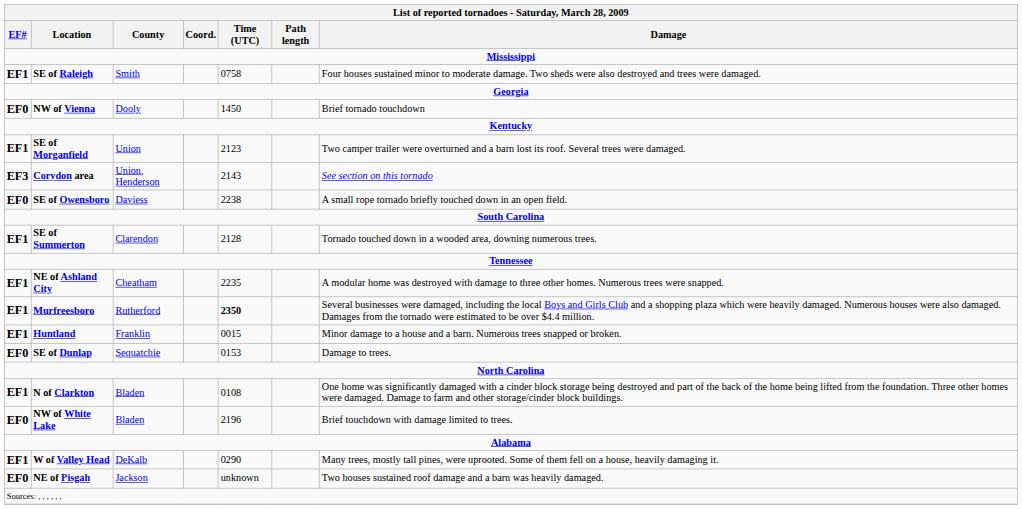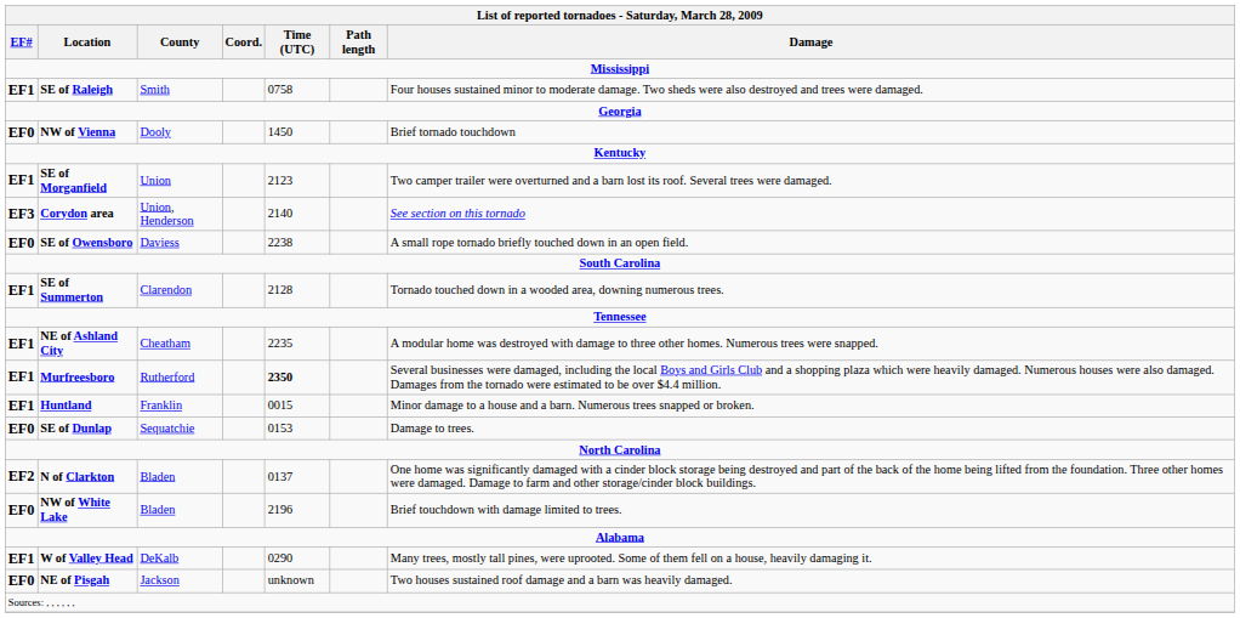 <table class="wikitable collapsible" width="100%">
 <tr>
 <th colspan="7">List of reported tornadoes - Saturday, March 28, 2009</th>
 </tr>
 <tr>
 <th><a href='#'>EF#</a></th>
 <th>Location</th>
 <th>County</th>
 <th>Coord.</th>
 <th>Time (UTC)</th>
 <th>Path length</th>
 <th>Damage</th>
 </tr>
 <tr>
 <td colspan="7" align=center><strong><a href='#'>Mississippi</a></strong></td>
 </tr>
 <tr>
 <td><big><strong>EF1</strong></big></td>
 <td><strong>SE of <a href='#'>Raleigh</a></strong></td>
 <td><a href='#'>Smith</a></td>
 <td></td>
 <td>0758</td>
 <td></td>
 <td>Four houses sustained minor to moderate damage. Two sheds were also destroyed and trees were damaged.</td>
 </tr>
 <tr>
 <td colspan="7" align=center><strong><a href='#'>Georgia</a></strong></td>
 </tr>
 <tr>
 <td><big><strong>EF0</strong></big></td>
 <td><strong>NW of <a href='#'>Vienna</a></strong></td>
 <td><a href='#'>Dooly</a></td>
 <td></td>
 <td>1450</td>
 <td></td>
 <td>Brief tornado touchdown</td>
 </tr>
 <tr>
 <td colspan="7" align=center><strong><a href='#'>Kentucky</a></strong></td>
 </tr>
 <tr>
 <td><big><strong>EF1</strong></big></td>
 <td><strong>SE of <a href='#'>Morganfield</a></strong></td>
 <td><a href='#'>Union</a></td>
 <td></td>
 <td>2123</td>
 <td></td>
 <td>Two camper trailer were overturned and a barn lost its roof. Several trees were damaged.</td>
 </tr>
 <tr>
 <td><big><strong>EF3</strong></big></td>
 <td><strong><a href='#'>Corydon</a> area</strong></td>
 <td><a href='#'>Union</a>, <a href='#'>Henderson</a></td>
 <td></td>
-<td>2143</td>
+<td>2140</td>
 <td></td>
 <td><em><a href='#'>See section on this tornado</a></em></td>
 </tr>
 <tr>
 <td><big><strong>EF0</strong></big></td>
 <td><strong>SE of <a href='#'>Owensboro</a></strong></td>
 <td><a href='#'>Daviess</a></td>
 <td></td>
 <td>2238</td>
 <td></td>
 <td>A small rope tornado briefly touched down in an open field.</td>
 </tr>
 <tr>
 <td colspan="7" align=center><strong><a href='#'>South Carolina</a></strong></td>
 </tr>
 <tr>
 <td><big><strong>EF1</strong></big></td>
 <td><strong>SE of <a href='#'>Summerton</a></strong></td>
 <td><a href='#'>Clarendon</a></td>
 <td></td>
 <td>2128</td>
 <td></td>
 <td>Tornado touched down in a wooded area, downing numerous trees.</td>
 </tr>
 <tr>
 <td colspan="7" align=center><strong><a href='#'>Tennessee</a></strong></td>
 </tr>
 <tr>
 <td><big><strong>EF1</strong></big></td>
 <td><strong>NE of <a href='#'>Ashland City</a></strong></td>
 <td><a href='#'>Cheatham</a></td>
 <td></td>
 <td>2235</td>
 <td></td>
 <td>A modular home was destroyed with damage to three other homes. Numerous trees were snapped.</td>
 </tr>
 <tr>
 <td><big><strong>EF1</strong></big></td>
 <td><strong><a href='#'>Murfreesboro</a></strong></td>
 <td><a href='#'>Rutherford</a></td>
 <td></td>
 <td><strong>2350</strong></td>
 <td></td>
 <td>Several businesses were damaged, including the local <a href='#'>Boys and Girls Club</a> and a shopping plaza which were heavily damaged. Numerous houses were also damaged. Damages from the tornado were estimated to be over $4.4 million.</td>
 </tr>
 <tr>
 <td><big><strong>EF1</strong></big></td>
 <td><strong><a href='#'>Huntland</a></strong></td>
 <td><a href='#'>Franklin</a></td>
 <td></td>
 <td>0015</td>
 <td></td>
 <td>Minor damage to a house and a barn. Numerous trees snapped or broken.</td>
 </tr>
 <tr>
 <td><big><strong>EF0</strong></big></td>
 <td><strong>SE of <a href='#'>Dunlap</a></strong></td>
 <td><a href='#'>Sequatchie</a></td>
 <td></td>
 <td>0153</td>
 <td></td>
 <td>Damage to trees.</td>
 </tr>
 <tr>
 <td colspan="7" align=center><strong><a href='#'>North Carolina</a></strong></td>
 </tr>
 <tr>
-<td><big><strong>EF1</strong></big></td>
+<td><big><strong>EF2</strong></big></td>
 <td><strong>N of <a href='#'>Clarkton</a></strong></td>
 <td><a href='#'>Bladen</a></td>
 <td></td>
-<td>0108</td>
+<td>0137</td>
 <td></td>
 <td>One home was significantly damaged with a cinder block storage being destroyed and part of the back of the home being lifted from the foundation. Three other homes were damaged. Damage to farm and other storage/cinder block buildings.</td>
 </tr>
 <tr>
 <td><big><strong>EF0</strong></big></td>
 <td><strong>NW of <a href='#'>White Lake</a></strong></td>
 <td><a href='#'>Bladen</a></td>
 <td></td>
 <td>2196</td>
 <td></td>
 <td>Brief touchdown with damage limited to trees.</td>
 </tr>
 <tr>
 <td colspan="7" align=center><strong><a href='#'>Alabama</a></strong></td>
 </tr>
 <tr>
 <td><big><strong>EF1</strong></big></td>
 <td><strong>W of <a href='#'>Valley Head</a></strong></td>
 <td><a href='#'>DeKalb</a></td>
 <td></td>
 <td>0290</td>
 <td></td>
 <td>Many trees, mostly tall pines, were uprooted. Some of them fell on a house, heavily damaging it.</td>
 </tr>
 <tr>
 <td><big><strong>EF0</strong></big></td>
 <td><strong>NE of <a href='#'>Pisgah</a></strong></td>
 <td><a href='#'>Jackson</a></td>
 <td></td>
 <td>unknown</td>
 <td></td>
 <td>Two houses sustained roof damage and a barn was heavily damaged.</td>
 </tr>
 <tr>
 <td colspan="7"><small>Sources: , , , , , , </small></td>
 </tr>
 <tr>
 </tr>
 </table>
